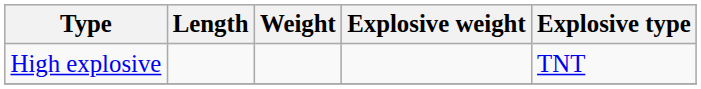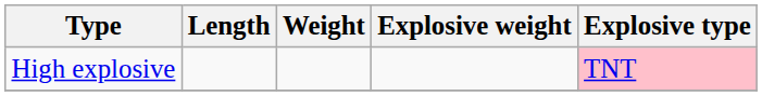 <table class="wikitable">
 <tr>
 <th>Type</th>
 <th>Length</th>
 <th>Weight</th>
 <th>Explosive weight</th>
 <th>Explosive type</th>
 </tr>
 <tr>
 <td><a href='#'>High explosive</a></td>
 <td></td>
 <td></td>
 <td></td>
-<td><a href='#'>TNT</a></td>
+<td style="background: pink;"><a href='#'>TNT</a></td>
 </tr>
 <tr>
 </tr>
 </table>
